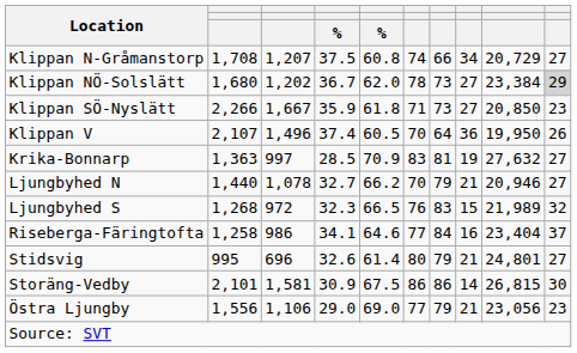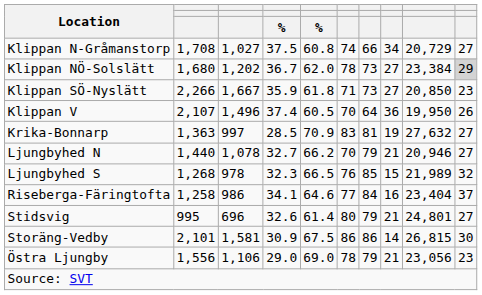 <table role="presentation" class="wikitable sortable mw-collapsible">
 <tr>
 <th rowspan="3">Location</th>
 <th></th>
 <th></th>
 <th></th>
 <th></th>
 <th></th>
 <th></th>
 <th></th>
 <th></th>
 <th></th>
 </tr>
 <tr>
 <th></th>
 <th></th>
 <th style="background:"></th>
 <th style="background:"></th>
 <th></th>
 <th></th>
 <th></th>
 <th></th>
 <th></th>
 </tr>
 <tr>
 <th data-sort-type="number"></th>
 <th data-sort-type="number"></th>
 <th data-sort-type="number">%</th>
 <th data-sort-type="number">%</th>
 <th data-sort-type="number"></th>
 <th data-sort-type="number"></th>
 <th data-sort-type="number"></th>
 <th data-sort-type="number"></th>
 <th data-sort-type="number"></th>
 </tr>
 <tr>
 <td align="left">Klippan N-Gråmanstorp</td>
 <td>1,708</td>
-<td>1,207</td>
+<td>1,027</td>
 <td>37.5</td>
 <td>60.8</td>
 <td>74</td>
 <td>66</td>
 <td>34</td>
 <td>20,729</td>
 <td>27</td>
 </tr>
 <tr>
 <td align="left">Klippan NÖ-Solslätt</td>
 <td>1,680</td>
 <td>1,202</td>
 <td>36.7</td>
 <td>62.0</td>
 <td>78</td>
 <td>73</td>
 <td>27</td>
 <td>23,384</td>
 <td style="background: lightgrey;">29</td>
 </tr>
 <tr>
 <td align="left">Klippan SÖ-Nyslätt</td>
 <td>2,266</td>
 <td>1,667</td>
 <td>35.9</td>
 <td>61.8</td>
 <td>71</td>
 <td>73</td>
 <td>27</td>
 <td>20,850</td>
 <td>23</td>
 </tr>
 <tr>
 <td align="left">Klippan V</td>
 <td>2,107</td>
 <td>1,496</td>
 <td>37.4</td>
 <td>60.5</td>
 <td>70</td>
 <td>64</td>
 <td>36</td>
 <td>19,950</td>
 <td>26</td>
 </tr>
 <tr>
 <td align="left">Krika-Bonnarp</td>
 <td>1,363</td>
 <td>997</td>
 <td>28.5</td>
 <td>70.9</td>
 <td>83</td>
 <td>81</td>
 <td>19</td>
 <td>27,632</td>
 <td>27</td>
 </tr>
 <tr>
 <td align="left">Ljungbyhed N</td>
 <td>1,440</td>
 <td>1,078</td>
 <td>32.7</td>
 <td>66.2</td>
 <td>70</td>
 <td>79</td>
 <td>21</td>
 <td>20,946</td>
 <td>27</td>
 </tr>
 <tr>
 <td align="left">Ljungbyhed S</td>
 <td>1,268</td>
-<td>972</td>
+<td>978</td>
 <td>32.3</td>
 <td>66.5</td>
 <td>76</td>
-<td>83</td>
+<td>85</td>
 <td>15</td>
 <td>21,989</td>
 <td>32</td>
 </tr>
 <tr>
 <td align="left">Riseberga-Färingtofta</td>
 <td>1,258</td>
 <td>986</td>
 <td>34.1</td>
 <td>64.6</td>
 <td>77</td>
 <td>84</td>
 <td>16</td>
 <td>23,404</td>
 <td>37</td>
 </tr>
 <tr>
 <td align="left">Stidsvig</td>
 <td>995</td>
 <td>696</td>
 <td>32.6</td>
 <td>61.4</td>
 <td>80</td>
 <td>79</td>
 <td>21</td>
 <td>24,801</td>
 <td>27</td>
 </tr>
 <tr>
 <td align="left">Storäng-Vedby</td>
 <td>2,101</td>
 <td>1,581</td>
 <td>30.9</td>
 <td>67.5</td>
 <td>86</td>
 <td>86</td>
 <td>14</td>
 <td>26,815</td>
 <td>30</td>
 </tr>
 <tr>
 <td align="left">Östra Ljungby</td>
 <td>1,556</td>
 <td>1,106</td>
 <td>29.0</td>
 <td>69.0</td>
-<td>77</td>
+<td>78</td>
 <td>79</td>
 <td>21</td>
 <td>23,056</td>
 <td>23</td>
 </tr>
 <tr>
 <td colspan="10" align="left">Source: <a href='#'>SVT</a></td>
 </tr>
 </table>
